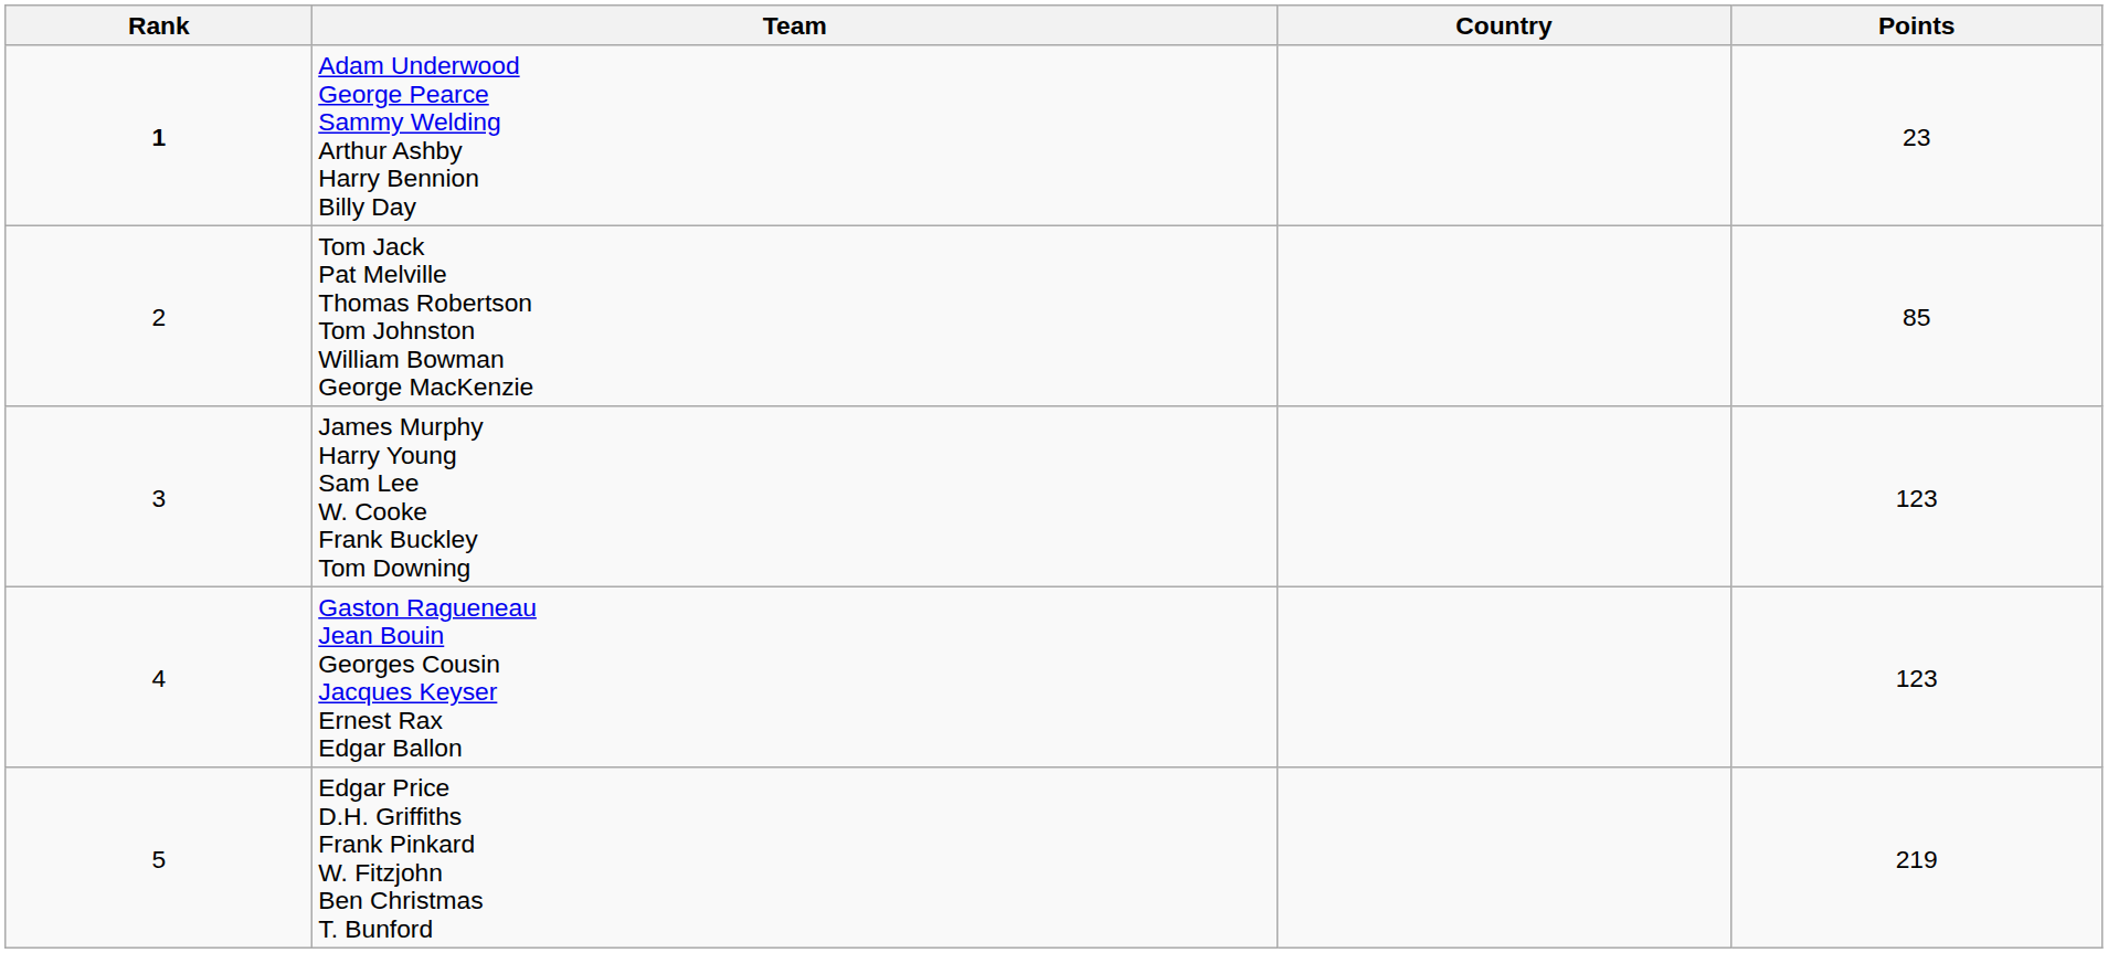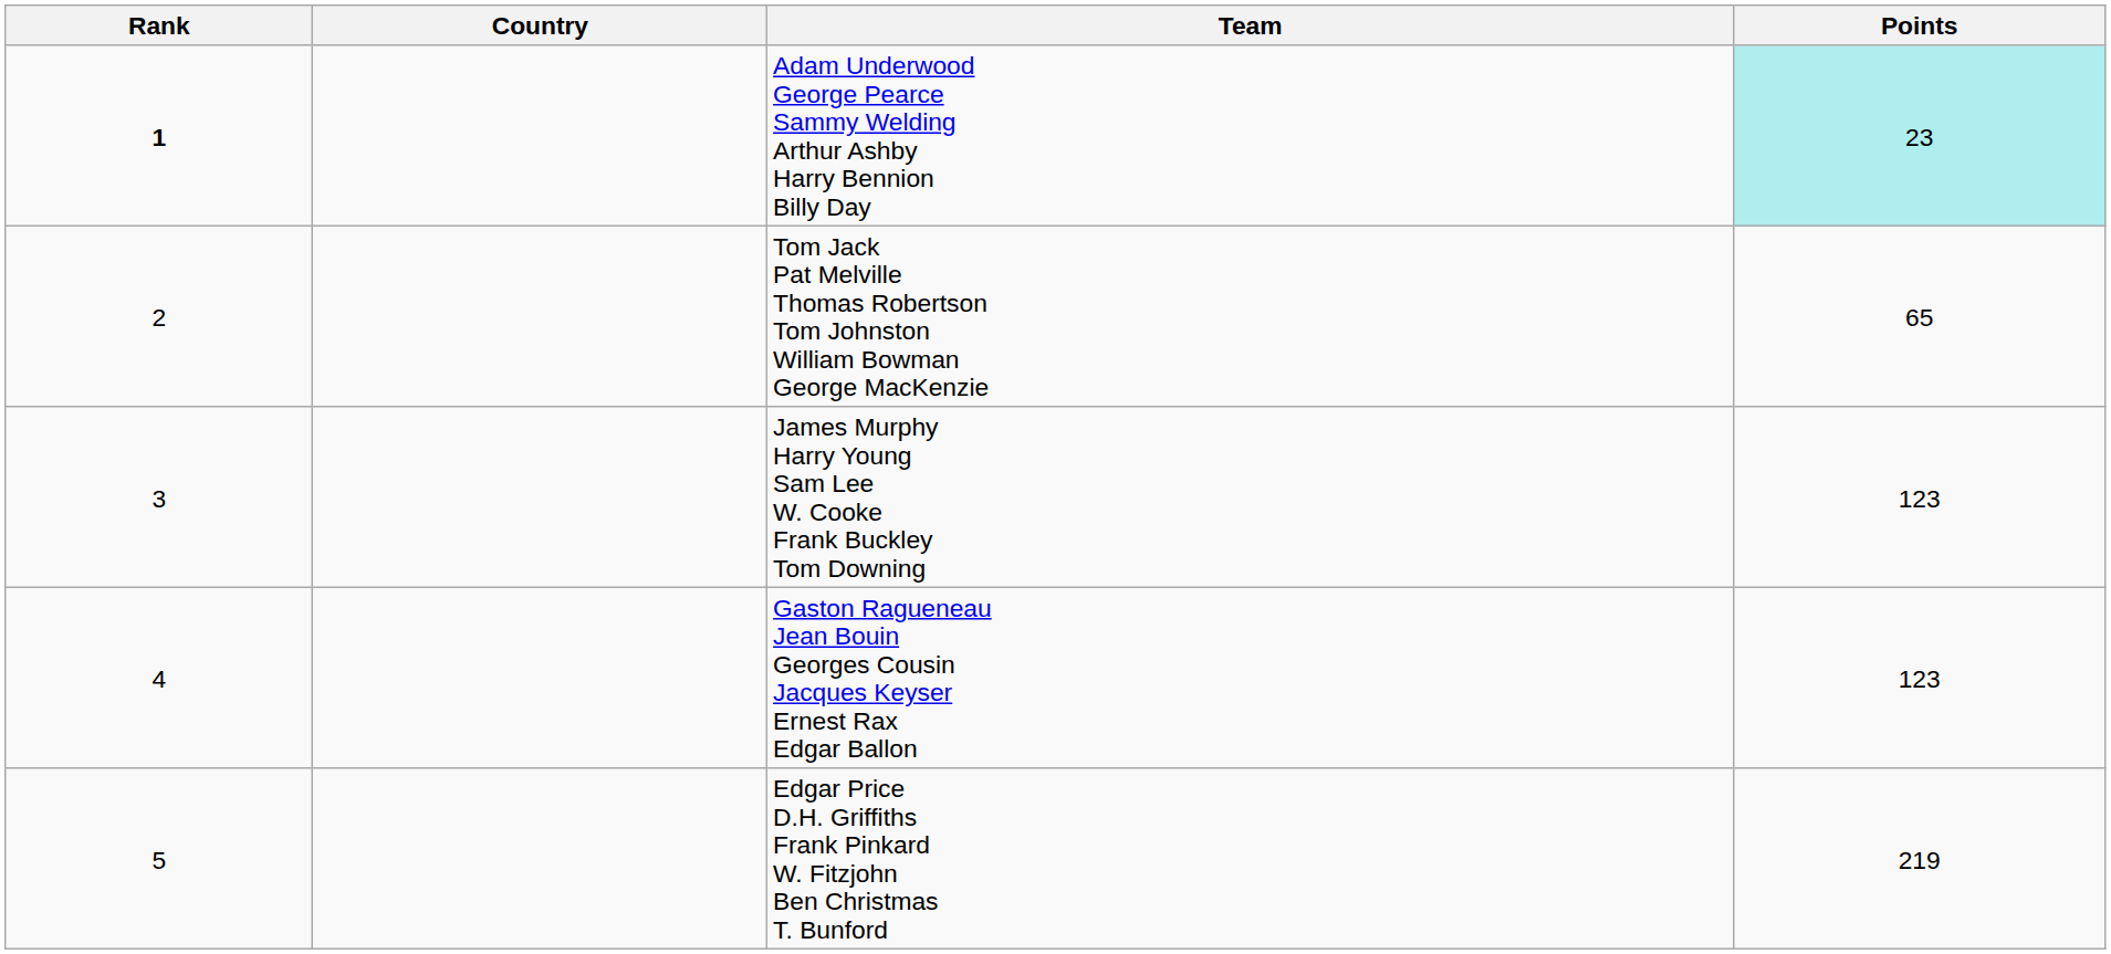 <table class="wikitable sortable" style=" text-align:center; font-size:95%;" width="80%">
 <tr>
 <th>Rank</th>
+<th>Country</th>
 <th>Team</th>
-<th>Country</th>
 <th>Points</th>
 </tr>
 <tr>
 <td align=center><strong>1</strong></td>
+<td align=left></td>
 <td align=left><a href='#'>Adam Underwood</a><br><a href='#'>George Pearce</a><br><a href='#'>Sammy Welding</a><br>Arthur Ashby<br>Harry Bennion<br>Billy Day</td>
-<td align=left></td>
-<td>23</td>
+<td style="background: paleturquoise;">23</td>
 </tr>
 <tr>
 <td align=center>2</td>
+<td align=left></td>
 <td align=left>Tom Jack<br>Pat Melville<br>Thomas Robertson<br>Tom Johnston<br>William Bowman<br>George MacKenzie</td>
-<td align=left></td>
-<td>85</td>
+<td>65</td>
 </tr>
 <tr>
 <td align=center>3</td>
+<td align=left></td>
 <td align=left>James Murphy<br>Harry Young<br>Sam Lee<br>W. Cooke<br>Frank Buckley<br>Tom Downing</td>
-<td align=left></td>
 <td>123</td>
 </tr>
 <tr>
 <td align=center>4</td>
+<td align=left></td>
 <td align=left><a href='#'>Gaston Ragueneau</a><br><a href='#'>Jean Bouin</a><br>Georges Cousin<br><a href='#'>Jacques Keyser</a><br>Ernest Rax<br>Edgar Ballon</td>
-<td align=left></td>
 <td>123</td>
 </tr>
 <tr>
 <td align=center>5</td>
+<td align=left></td>
 <td align=left>Edgar Price<br>D.H. Griffiths<br>Frank Pinkard<br>W. Fitzjohn<br>Ben Christmas<br>T. Bunford</td>
-<td align=left></td>
 <td>219</td>
 </tr>
 </table>
